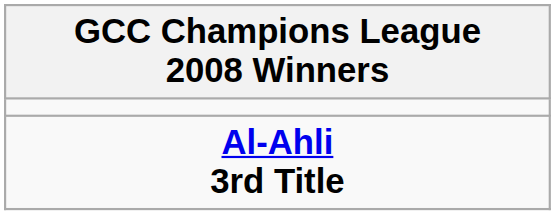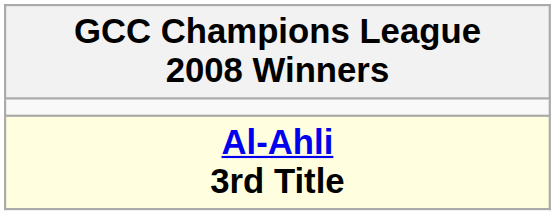 <table class="wikitable" style="text-align: center; margin: 0 auto; width: 20%">
 <tr>
 <th>GCC Champions League <br>2008 Winners</th>
 </tr>
 <tr>
 <td></td>
 </tr>
 <tr>
-<td><strong><a href='#'>Al-Ahli</a></strong><br><strong>3rd Title</strong></td>
+<td style="background: lightyellow;"><strong><a href='#'>Al-Ahli</a></strong><br><strong>3rd Title</strong></td>
 </tr>
 </table>
